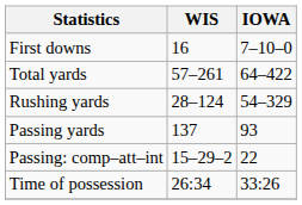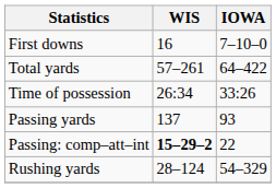 <table class="wikitable" style="float: left;">
 <tr>
 <th>Statistics</th>
 <th>WIS</th>
 <th>IOWA</th>
 </tr>
 <tr>
 <td>First downs</td>
 <td>16</td>
 <td>7–10–0</td>
 </tr>
 <tr>
 <td>Total yards</td>
 <td>57–261</td>
 <td>64–422</td>
 </tr>
 <tr>
-<td>Rushing yards</td>
-<td>28–124</td>
-<td>54–329</td>
+<td>Time of possession</td>
+<td>26:34</td>
+<td>33:26</td>
 </tr>
 <tr>
 <td>Passing yards</td>
 <td>137</td>
 <td>93</td>
 </tr>
 <tr>
 <td>Passing: comp–att–int</td>
-<td>15–29–2</td>
+<td><strong>15–29–2</strong></td>
 <td>22</td>
 </tr>
 <tr>
-<td>Time of possession</td>
-<td>26:34</td>
-<td>33:26</td>
+<td>Rushing yards</td>
+<td>28–124</td>
+<td>54–329</td>
 </tr>
 <tr>
 </tr>
 </table>
